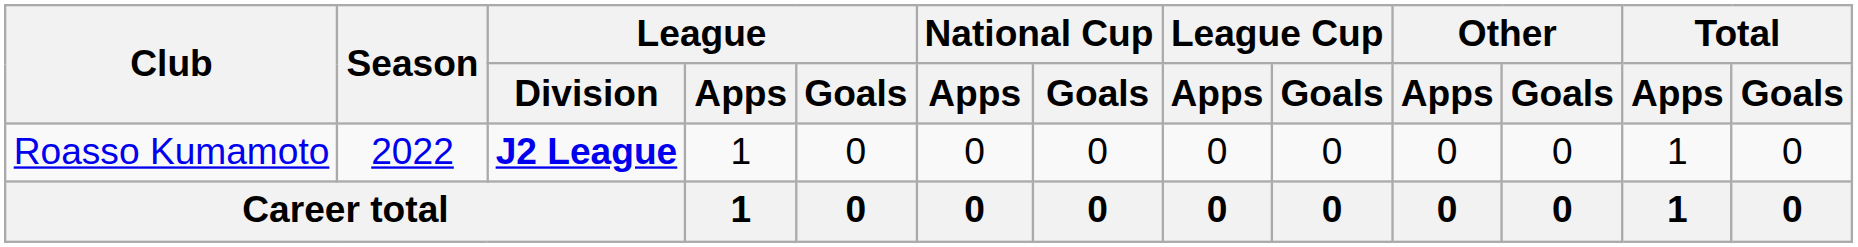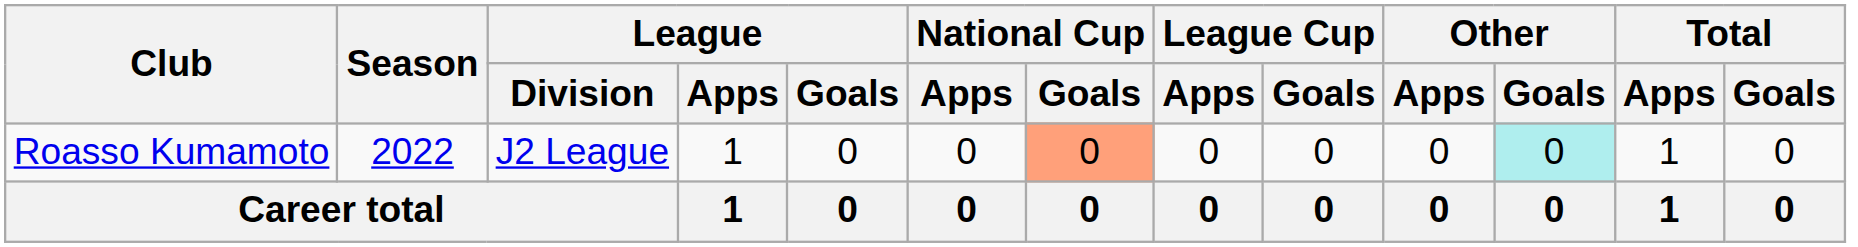 <table class="wikitable" style="text-align: center">
 <tr>
 <th rowspan="2">Club</th>
 <th rowspan="2">Season</th>
 <th colspan="3">League</th>
 <th colspan="2">National Cup</th>
 <th colspan="2">League Cup</th>
 <th colspan="2">Other</th>
 <th colspan="2">Total</th>
 </tr>
 <tr>
 <th>Division</th>
 <th>Apps</th>
 <th>Goals</th>
 <th>Apps</th>
 <th>Goals</th>
 <th>Apps</th>
 <th>Goals</th>
 <th>Apps</th>
 <th>Goals</th>
 <th>Apps</th>
 <th>Goals</th>
 </tr>
 <tr>
 <td><a href='#'>Roasso Kumamoto</a></td>
 <td><a href='#'>2022</a></td>
-<td><strong><a href='#'>J2 League</a></strong></td>
+<td><a href='#'>J2 League</a></td>
 <td>1</td>
 <td>0</td>
 <td>0</td>
+<td style="background: lightsalmon;">0</td>
 <td>0</td>
 <td>0</td>
 <td>0</td>
-<td>0</td>
-<td>0</td>
+<td style="background: paleturquoise;">0</td>
 <td>1</td>
 <td>0</td>
 </tr>
 <tr>
 <th colspan=3>Career total</th>
 <th>1</th>
 <th>0</th>
 <th>0</th>
 <th>0</th>
 <th>0</th>
 <th>0</th>
 <th>0</th>
 <th>0</th>
 <th>1</th>
 <th>0</th>
 </tr>
 </table>
